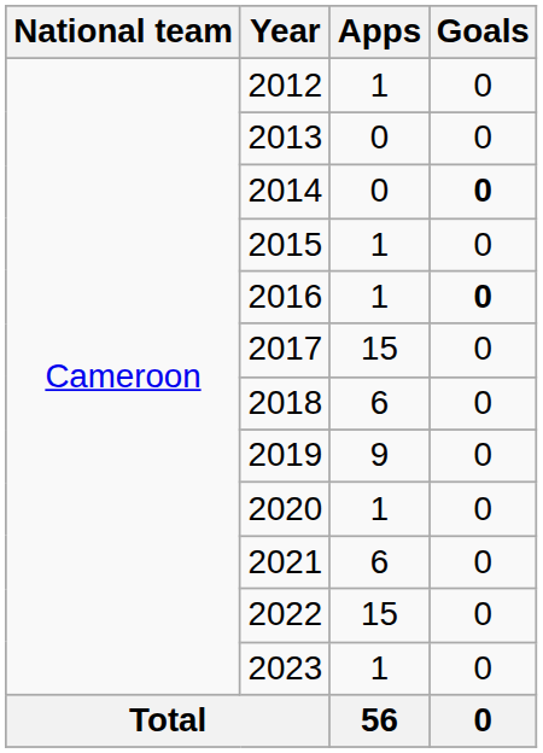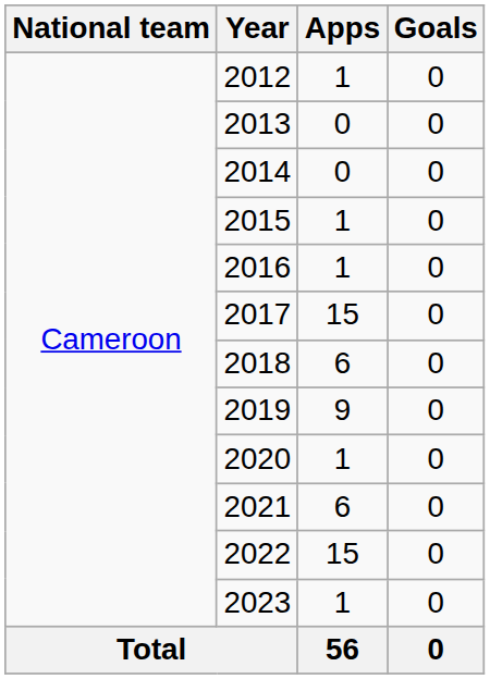 <table class="wikitable" style="text-align:center">
 <tr>
 <th>National team</th>
 <th>Year</th>
 <th>Apps</th>
 <th>Goals</th>
 </tr>
 <tr>
 <td rowspan="12"><a href='#'>Cameroon</a></td>
 <td>2012</td>
 <td>1</td>
 <td>0</td>
 </tr>
 <tr>
 <td>2013</td>
 <td>0</td>
 <td>0</td>
 </tr>
 <tr>
 <td>2014</td>
 <td>0</td>
-<td><strong>0</strong></td>
+<td>0</td>
 </tr>
 <tr>
 <td>2015</td>
 <td>1</td>
 <td>0</td>
 </tr>
 <tr>
 <td>2016</td>
 <td>1</td>
-<td><strong>0</strong></td>
+<td>0</td>
 </tr>
 <tr>
 <td>2017</td>
 <td>15</td>
 <td>0</td>
 </tr>
 <tr>
 <td>2018</td>
 <td>6</td>
 <td>0</td>
 </tr>
 <tr>
 <td>2019</td>
 <td>9</td>
 <td>0</td>
 </tr>
 <tr>
 <td>2020</td>
 <td>1</td>
 <td>0</td>
 </tr>
 <tr>
 <td>2021</td>
 <td>6</td>
 <td>0</td>
 </tr>
 <tr>
 <td>2022</td>
 <td>15</td>
 <td>0</td>
 </tr>
 <tr>
 <td>2023</td>
 <td>1</td>
 <td>0</td>
 </tr>
 <tr>
 <th colspan="2">Total</th>
 <th>56</th>
 <th>0</th>
 </tr>
 </table>
